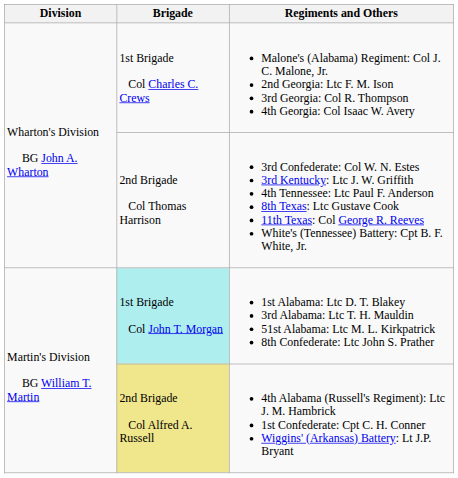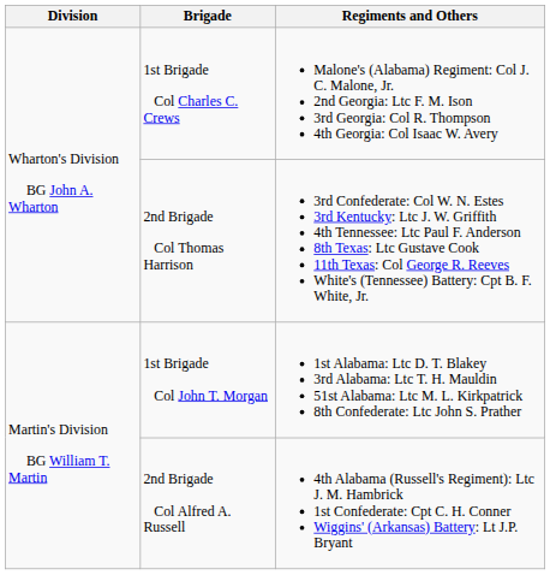 <table class="wikitable">
 <tr>
 <th width=25%>Division</th>
 <th width=25%>Brigade</th>
 <th>Regiments and Others</th>
 </tr>
 <tr>
 <td rowspan=2><br>Wharton's Division<br><br>     BG <a href='#'>John A. Wharton</a></td>
 <td>1st Brigade<br><br>   Col <a href='#'>Charles C. Crews</a></td>
 <td><br><ul><li>Malone's (Alabama) Regiment: Col J. C. Malone, Jr.</li><li>2nd Georgia: Ltc F. M. Ison</li><li>3rd Georgia: Col R. Thompson</li><li>4th Georgia: Col Isaac W. Avery</li></ul></td>
 </tr>
 <tr>
 <td>2nd Brigade<br><br>   Col Thomas Harrison</td>
 <td><br><ul><li>3rd Confederate: Col W. N. Estes</li><li><a href='#'>3rd Kentucky</a>: Ltc J. W. Griffith</li><li>4th Tennessee: Ltc Paul F. Anderson</li><li><a href='#'>8th Texas</a>: Ltc Gustave Cook</li><li><a href='#'>11th Texas</a>: Col <a href='#'>George R. Reeves</a></li><li>White's (Tennessee) Battery: Cpt B. F. White, Jr.</li></ul></td>
 </tr>
 <tr>
 <td rowspan=2><br>Martin's Division<br><br>     BG <a href='#'>William T. Martin</a></td>
-<td style="background: paleturquoise;">1st Brigade<br><br>   Col <a href='#'>John T. Morgan</a></td>
+<td>1st Brigade<br><br>   Col <a href='#'>John T. Morgan</a></td>
 <td><br><ul><li>1st Alabama: Ltc D. T. Blakey</li><li>3rd Alabama: Ltc T. H. Mauldin</li><li>51st Alabama: Ltc M. L. Kirkpatrick</li><li>8th Confederate: Ltc John S. Prather</li></ul></td>
 </tr>
 <tr>
-<td style="background: khaki;">2nd Brigade<br><br>   Col Alfred A. Russell</td>
+<td>2nd Brigade<br><br>   Col Alfred A. Russell</td>
 <td><br><ul><li>4th Alabama (Russell's Regiment): Ltc J. M. Hambrick</li><li>1st Confederate: Cpt C. H. Conner</li><li><a href='#'>Wiggins' (Arkansas) Battery</a>: Lt J.P. Bryant</li></ul></td>
 </tr>
 </table>
